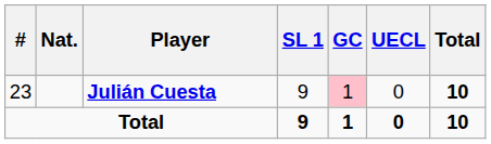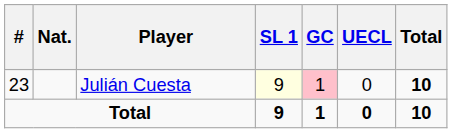 <table class="wikitable sortable alternance" ; style="text-align:center; ">
 <tr>
 <th height=50>#</th>
 <th width=10>Nat.</th>
 <th width=150>Player</th>
 <th height=50><a href='#'>SL 1</a></th>
 <th height=50><a href='#'>GC</a></th>
 <th height=50><a href='#'>UECL</a></th>
 <th height=50><strong>Total</strong></th>
 </tr>
 <tr>
 <td>23</td>
 <td></td>
-<td align="left"><strong><a href='#'>Julián Cuesta</a></strong></td>
-<td>9</td>
+<td align="left"><a href='#'>Julián Cuesta</a></td>
+<td style="background: lightyellow;">9</td>
 <td style="background: pink;">1</td>
 <td>0</td>
 <td><strong>10</strong></td>
 </tr>
 <tr>
 <td colspan="3"><strong>Total</strong></td>
 <td><strong>9</strong></td>
 <td><strong>1</strong></td>
 <td><strong>0</strong></td>
 <td><strong>10</strong></td>
 </tr>
 </table>
